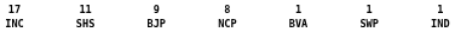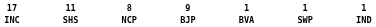 <table style="width:100%; text-align:center;">
 <tr>
 <td style="background:"><strong>17</strong></td>
 <td style="background:"><strong>11</strong></td>
+<td style="background:"><strong>8</strong></td>
 <td style="background:"><strong>9</strong></td>
-<td style="background:"><strong>8</strong></td>
 <td style="background:"><strong>1</strong></td>
 <td style="background:"><strong>1</strong></td>
 <td style="background:"><strong>1</strong></td>
 </tr>
 <tr>
 <td><span><strong>INC</strong></span></td>
 <td><span><strong>SHS</strong></span></td>
+<td><span><strong>NCP</strong></span></td>
 <td><span><strong>BJP</strong></span></td>
-<td><span><strong>NCP</strong></span></td>
 <td><span><strong>BVA</strong></span></td>
 <td><span><strong>SWP</strong></span></td>
 <td><span><strong>IND</strong></span></td>
 </tr>
 </table>
